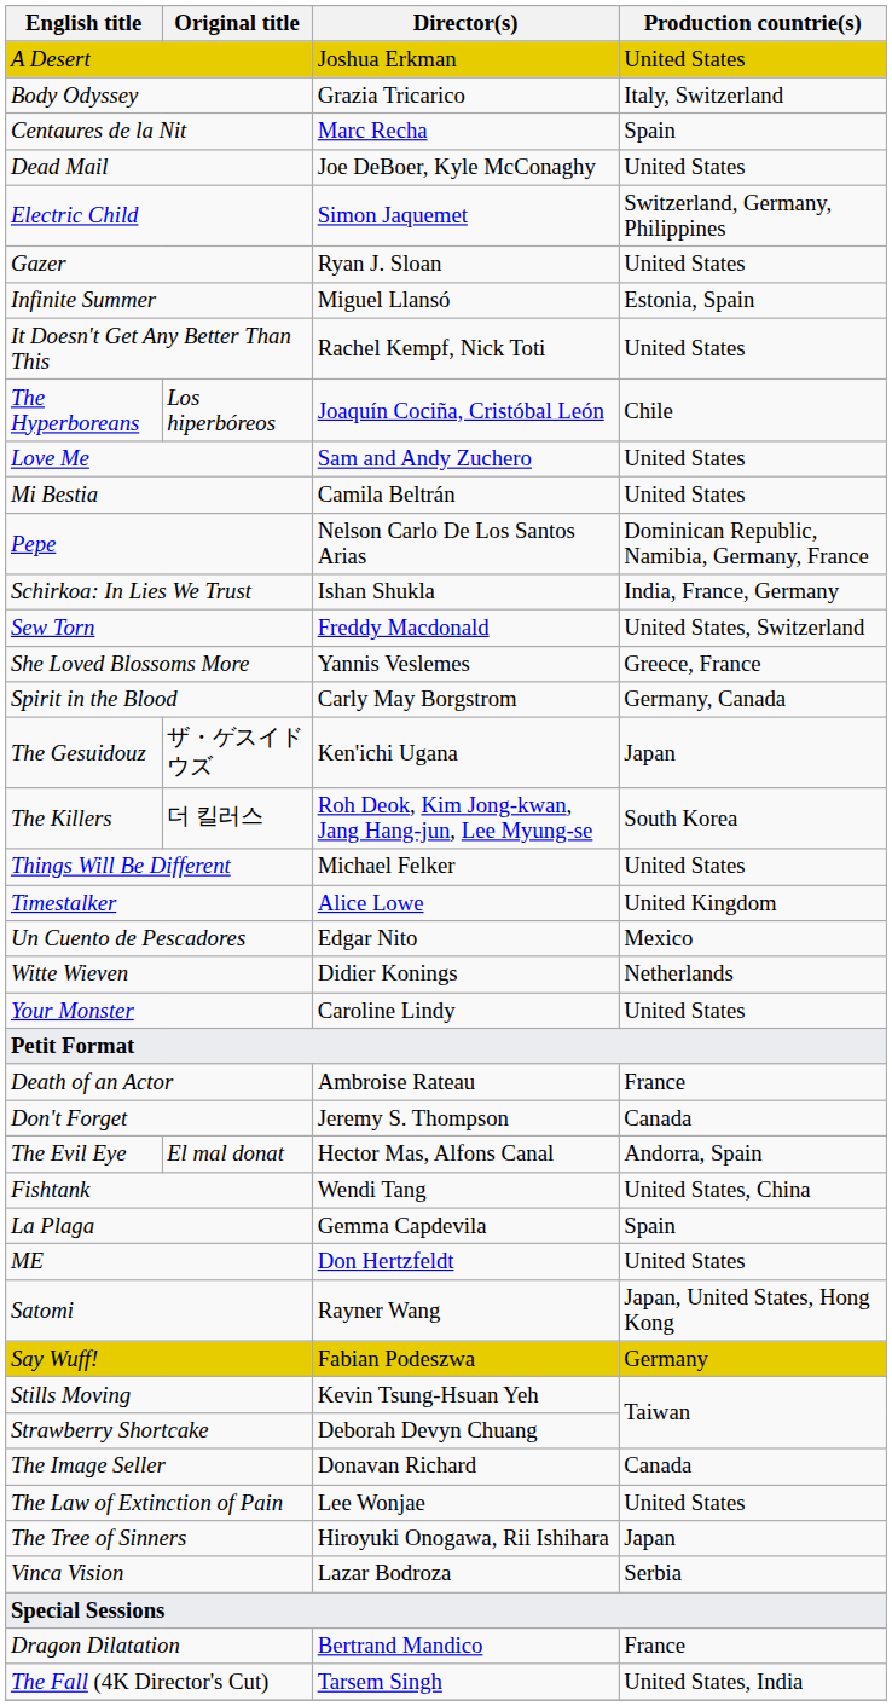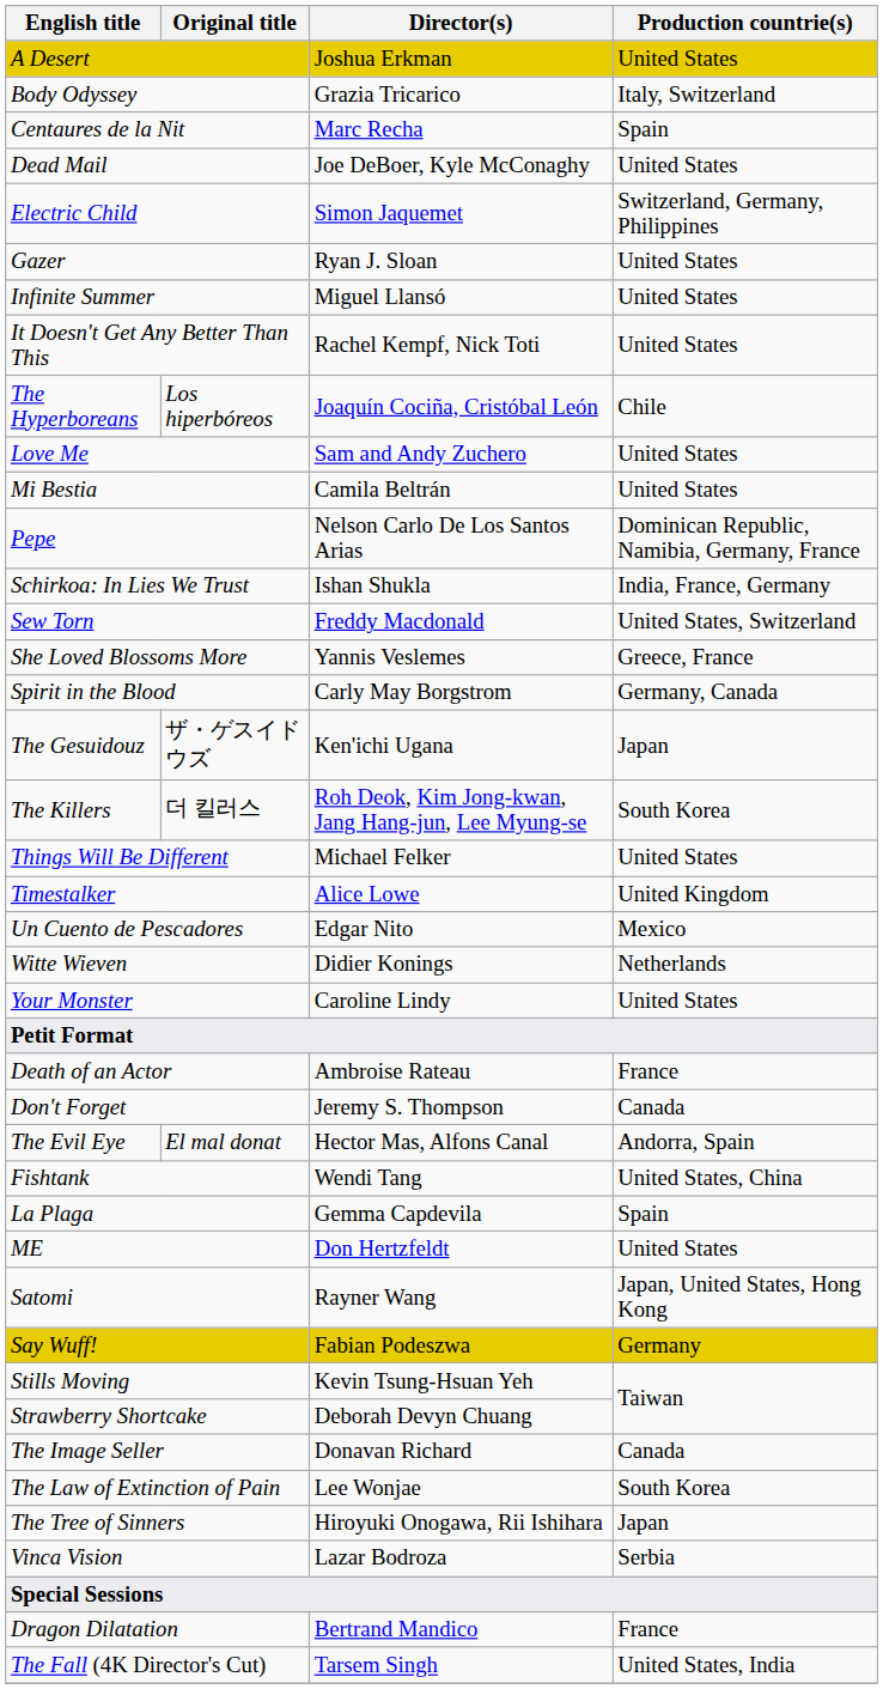 <table class="sortable wikitable" style="width:100%; margin-bottom:4px" cellpadding="5">
 <tr>
 <th scope="col">English title</th>
 <th scope="col">Original title</th>
 <th scope="col">Director(s)</th>
 <th scope="col">Production countrie(s)</th>
 </tr>
 <tr style="background:#E7CD00;">
 <td colspan="2"><em>A Desert</em></td>
 <td>Joshua Erkman</td>
 <td>United States</td>
 </tr>
 <tr>
 <td colspan="2"><em>Body Odyssey</em></td>
 <td>Grazia Tricarico</td>
 <td>Italy, Switzerland</td>
 </tr>
 <tr>
 <td colspan="2"><em>Centaures de la Nit</em></td>
 <td><a href='#'>Marc Recha</a></td>
 <td>Spain</td>
 </tr>
 <tr>
 <td colspan="2"><em>Dead Mail</em></td>
 <td>Joe DeBoer, Kyle McConaghy</td>
 <td>United States</td>
 </tr>
 <tr>
 <td colspan="2"><em><a href='#'>Electric Child</a></em></td>
 <td><a href='#'>Simon Jaquemet</a></td>
 <td>Switzerland, Germany, Philippines</td>
 </tr>
 <tr>
 <td colspan="2"><em>Gazer</em></td>
 <td>Ryan J. Sloan</td>
 <td>United States</td>
 </tr>
 <tr>
 <td colspan="2"><em>Infinite Summer</em></td>
 <td>Miguel Llansó</td>
-<td>Estonia, Spain</td>
+<td>United States</td>
 </tr>
 <tr>
 <td colspan="2"><em>It Doesn't Get Any Better Than This</em></td>
 <td>Rachel Kempf, Nick Toti</td>
 <td>United States</td>
 </tr>
 <tr>
 <td><em><a href='#'>The Hyperboreans</a></em></td>
 <td><em>Los hiperbóreos</em></td>
 <td><a href='#'>Joaquín Cociña, Cristóbal León</a></td>
 <td>Chile</td>
 </tr>
 <tr>
 <td colspan="2"><em><a href='#'>Love Me</a></em></td>
 <td><a href='#'>Sam and Andy Zuchero</a></td>
 <td>United States</td>
 </tr>
 <tr>
 <td colspan="2"><em>Mi Bestia</em></td>
 <td>Camila Beltrán</td>
 <td>United States</td>
 </tr>
 <tr>
 <td colspan="2"><em><a href='#'>Pepe</a></em></td>
 <td>Nelson Carlo De Los Santos Arias</td>
 <td>Dominican Republic, Namibia, Germany, France</td>
 </tr>
 <tr>
 <td colspan="2"><em>Schirkoa: In Lies We Trust</em></td>
 <td>Ishan Shukla</td>
 <td>India, France, Germany</td>
 </tr>
 <tr>
 <td colspan="2"><em><a href='#'>Sew Torn</a></em></td>
 <td><a href='#'>Freddy Macdonald</a></td>
 <td>United States, Switzerland</td>
 </tr>
 <tr>
 <td colspan="2"><em>She Loved Blossoms More</em></td>
 <td>Yannis Veslemes</td>
 <td>Greece, France</td>
 </tr>
 <tr>
 <td colspan="2"><em>Spirit in the Blood</em></td>
 <td>Carly May Borgstrom</td>
 <td>Germany, Canada</td>
 </tr>
 <tr>
 <td><em>The Gesuidouz</em></td>
 <td>ザ・ゲスイドウズ</td>
 <td>Ken'ichi Ugana</td>
 <td>Japan</td>
 </tr>
 <tr>
 <td><em>The Killers</em></td>
 <td>더 킬러스</td>
 <td><a href='#'>Roh Deok</a>, <a href='#'>Kim Jong-kwan</a>, <a href='#'>Jang Hang-jun</a>, <a href='#'>Lee Myung-se</a></td>
 <td>South Korea</td>
 </tr>
 <tr>
 <td colspan="2"><em><a href='#'>Things Will Be Different</a></em></td>
 <td>Michael Felker</td>
 <td>United States</td>
 </tr>
 <tr>
 <td colspan="2"><em><a href='#'>Timestalker</a></em></td>
 <td><a href='#'>Alice Lowe</a></td>
 <td>United Kingdom</td>
 </tr>
 <tr>
 <td colspan="2"><em>Un Cuento de Pescadores</em></td>
 <td>Edgar Nito</td>
 <td>Mexico</td>
 </tr>
 <tr>
 <td colspan="2"><em>Witte Wieven</em></td>
 <td>Didier Konings</td>
 <td>Netherlands</td>
 </tr>
 <tr>
 <td colspan="2"><em><a href='#'>Your Monster</a></em></td>
 <td>Caroline Lindy</td>
 <td>United States</td>
 </tr>
 <tr>
 <td colspan=4 class="center" style="padding-center:120px; background-color:#EAECF0"><strong>Petit Format</strong></td>
 </tr>
 <tr>
 <td colspan="2"><em>Death of an Actor</em></td>
 <td>Ambroise Rateau</td>
 <td>France</td>
 </tr>
 <tr>
 <td colspan="2"><em>Don't Forget</em></td>
 <td>Jeremy S. Thompson</td>
 <td>Canada</td>
 </tr>
 <tr>
 <td><em>The Evil Eye</em></td>
 <td><em>El mal donat</em></td>
 <td>Hector Mas, Alfons Canal</td>
 <td>Andorra, Spain</td>
 </tr>
 <tr>
 <td colspan="2"><em>Fishtank</em></td>
 <td>Wendi Tang</td>
 <td>United States, China</td>
 </tr>
 <tr>
 <td colspan="2"><em>La Plaga</em></td>
 <td>Gemma Capdevila</td>
 <td>Spain</td>
 </tr>
 <tr>
 <td colspan="2"><em>ME</em></td>
 <td><a href='#'>Don Hertzfeldt</a></td>
 <td>United States</td>
 </tr>
 <tr>
 <td colspan="2"><em>Satomi</em></td>
 <td>Rayner Wang</td>
 <td>Japan, United States, Hong Kong</td>
 </tr>
 <tr style="background:#E7CD00;">
 <td colspan="2"><em>Say Wuff!</em></td>
 <td>Fabian Podeszwa</td>
 <td>Germany</td>
 </tr>
 <tr>
 <td colspan="2"><em>Stills Moving</em></td>
 <td>Kevin Tsung-Hsuan Yeh</td>
 <td rowspan="2">Taiwan</td>
 </tr>
 <tr>
 <td colspan="2"><em>Strawberry Shortcake</em></td>
 <td>Deborah Devyn Chuang</td>
 </tr>
 <tr>
 <td colspan="2"><em>The Image Seller</em></td>
 <td>Donavan Richard</td>
 <td>Canada</td>
 </tr>
 <tr>
 <td colspan="2"><em>The Law of Extinction of Pain</em></td>
 <td>Lee Wonjae</td>
-<td>United States</td>
+<td>South Korea</td>
 </tr>
 <tr>
 <td colspan="2"><em>The Tree of Sinners</em></td>
 <td>Hiroyuki Onogawa, Rii Ishihara</td>
 <td>Japan</td>
 </tr>
 <tr>
 <td colspan="2"><em>Vinca Vision</em></td>
 <td>Lazar Bodroza</td>
 <td>Serbia</td>
 </tr>
 <tr>
 <td colspan=4 class="center" style="padding-center:120px; background-color:#EAECF0"><strong>Special Sessions</strong></td>
 </tr>
 <tr>
 <td colspan="2"><em>Dragon Dilatation</em></td>
 <td><a href='#'>Bertrand Mandico</a></td>
 <td>France</td>
 </tr>
 <tr>
 <td colspan="2"><em><a href='#'>The Fall</a></em> (4K Director's Cut)</td>
 <td><a href='#'>Tarsem Singh</a></td>
 <td>United States, India</td>
 </tr>
 <tr>
 </tr>
 </table>
